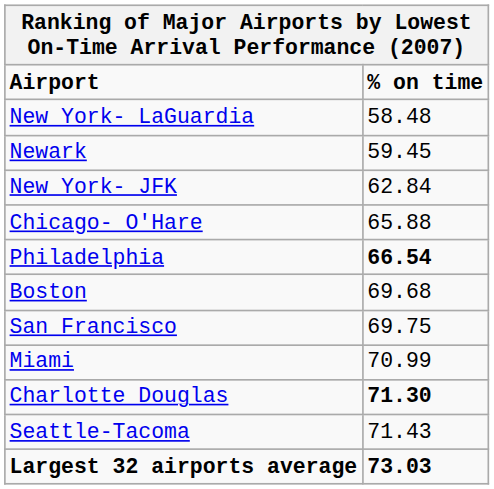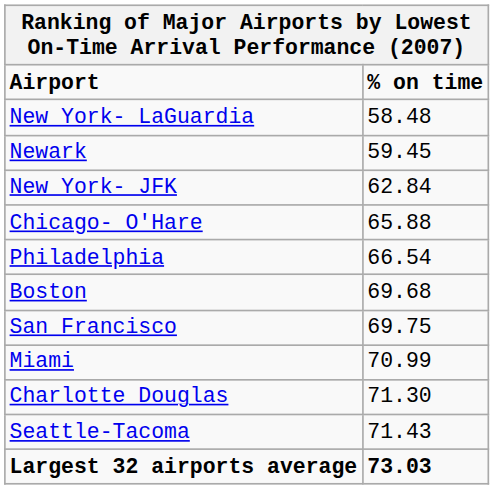 <table class="wikitable" align="right">
 <tr>
 <th colspan=2>Ranking of Major Airports by Lowest <br>On-Time Arrival Performance (2007)</th>
 </tr>
 <tr>
 <td><strong>Airport</strong></td>
 <td><strong>% on time</strong></td>
 </tr>
 <tr>
 <td><a href='#'>New York- LaGuardia</a></td>
 <td>58.48</td>
 </tr>
 <tr>
 <td><a href='#'>Newark</a></td>
 <td>59.45</td>
 </tr>
 <tr>
 <td><a href='#'>New York- JFK</a></td>
 <td>62.84</td>
 </tr>
 <tr>
 <td><a href='#'>Chicago- O'Hare</a></td>
 <td>65.88</td>
 </tr>
 <tr>
 <td><a href='#'>Philadelphia</a></td>
-<td><strong>66.54</strong></td>
+<td>66.54</td>
 </tr>
 <tr>
 <td><a href='#'>Boston</a></td>
 <td>69.68</td>
 </tr>
 <tr>
 <td><a href='#'>San Francisco</a></td>
 <td>69.75</td>
 </tr>
 <tr>
 <td><a href='#'>Miami</a></td>
 <td>70.99</td>
 </tr>
 <tr>
 <td><a href='#'>Charlotte Douglas</a></td>
-<td><strong>71.30</strong></td>
+<td>71.30</td>
 </tr>
 <tr>
 <td><a href='#'>Seattle-Tacoma</a></td>
 <td>71.43</td>
 </tr>
 <tr>
 <td><strong>Largest 32 airports average</strong></td>
 <td><strong>73.03</strong></td>
 </tr>
 </table>
